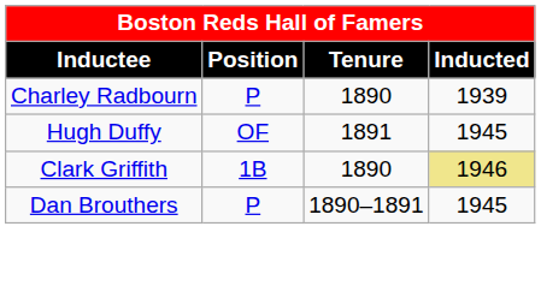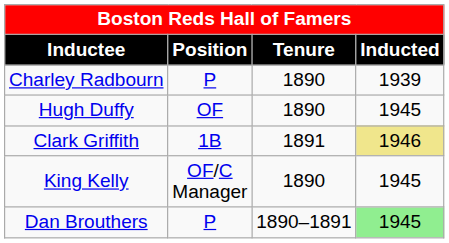 <table class="wikitable" style="text-align:center">
 <tr>
 <th colspan=4 style="background:red; color:white;">Boston Reds Hall of Famers</th>
 </tr>
 <tr>
 <th style="background:black; color:white;">Inductee</th>
 <th style="background:black; color:white;">Position</th>
 <th style="background:black; color:white;">Tenure</th>
 <th style="background:black; color:white;">Inducted</th>
 </tr>
 <tr>
 <td><a href='#'>Charley Radbourn</a></td>
 <td><a href='#'>P</a></td>
 <td>1890</td>
 <td>1939</td>
 </tr>
 <tr>
 <td><a href='#'>Hugh Duffy</a></td>
 <td><a href='#'>OF</a></td>
-<td>1891</td>
+<td>1890</td>
 <td>1945</td>
 </tr>
 <tr>
 <td><a href='#'>Clark Griffith</a></td>
 <td><a href='#'>1B</a></td>
+<td>1891</td>
+<td style="background: khaki;">1946</td>
+</tr>
+<tr>
+<td><a href='#'>King Kelly</a></td>
+<td><a href='#'>OF</a>/<a href='#'>C</a><br>Manager</td>
 <td>1890</td>
-<td style="background: khaki;">1946</td>
+<td>1945</td>
 </tr>
 <tr>
 <td><a href='#'>Dan Brouthers</a></td>
 <td><a href='#'>P</a></td>
 <td>1890–1891</td>
-<td>1945</td>
+<td style="background: lightgreen;">1945</td>
 </tr>
 </table>
